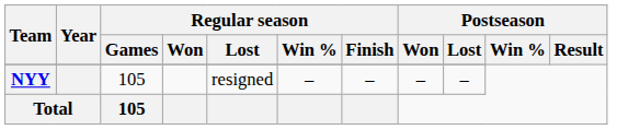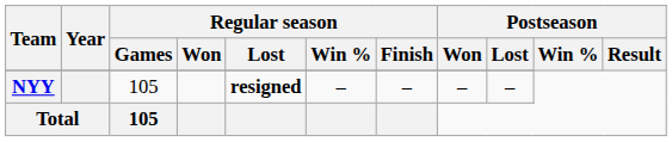 <table class="wikitable" style="font-size: 95%; text-align:center;">
 <tr>
 <th rowspan="2">Team</th>
 <th rowspan="2">Year</th>
 <th colspan="5">Regular season</th>
 <th colspan="4">Postseason</th>
 </tr>
 <tr>
 <th>Games</th>
 <th>Won</th>
 <th>Lost</th>
 <th>Win %</th>
 <th>Finish</th>
 <th>Won</th>
 <th>Lost</th>
 <th>Win %</th>
 <th>Result</th>
 </tr>
 <tr>
 </tr>
 <tr>
 <th><a href='#'>NYY</a></th>
 <th></th>
 <td>105</td>
 <td></td>
-<td>resigned</td>
+<td><strong>resigned</strong></td>
 <td>–</td>
 <td>–</td>
 <td>–</td>
 <td>–</td>
 </tr>
 <tr>
 <th colspan="2">Total</th>
 <th>105</th>
 <th></th>
 <th></th>
 <th></th>
 <th></th>
 </tr>
 </table>
